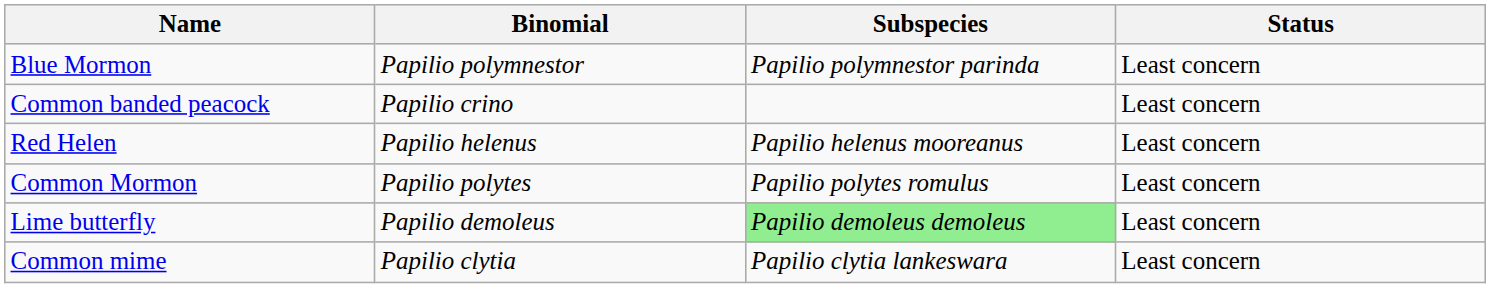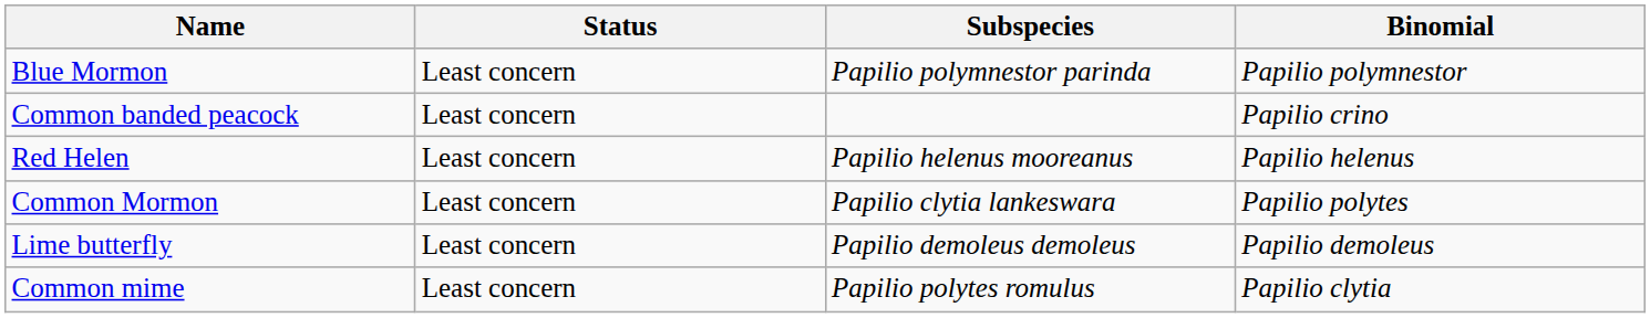 <table width=60% class="wikitable">
 <tr>
 <th width=20%>Name</th>
+<th width=20%>Status</th>
+<th width=20%>Subspecies</th>
 <th width=20%>Binomial</th>
-<th width=20%>Subspecies</th>
-<th width=20%>Status</th>
 </tr>
 <tr>
 <td><a href='#'>Blue Mormon</a><br>  </td>
+<td>Least concern</td>
+<td><em>Papilio polymnestor parinda</em></td>
 <td><em>Papilio polymnestor</em></td>
-<td><em>Papilio polymnestor parinda</em></td>
-<td>Least concern</td>
 </tr>
 <tr>
 <td><a href='#'>Common banded peacock</a><br> </td>
+<td>Least concern</td>
+<td></td>
 <td><em>Papilio crino</em></td>
-<td></td>
-<td>Least concern</td>
 </tr>
 <tr>
 <td><a href='#'>Red Helen</a><br> </td>
+<td>Least concern</td>
+<td><em>Papilio helenus mooreanus</em></td>
 <td><em>Papilio helenus</em></td>
-<td><em>Papilio helenus mooreanus</em></td>
-<td>Least concern</td>
 </tr>
 <tr>
 <td><a href='#'>Common Mormon</a><br>  </td>
+<td>Least concern</td>
+<td><em>Papilio clytia lankeswara</em></td>
 <td><em>Papilio polytes</em></td>
-<td><em>Papilio polytes romulus</em></td>
-<td>Least concern</td>
 </tr>
 <tr>
 <td><a href='#'>Lime butterfly</a><br> </td>
+<td>Least concern</td>
+<td><em>Papilio demoleus demoleus</em></td>
 <td><em>Papilio demoleus</em></td>
-<td style="background: lightgreen;"><em>Papilio demoleus demoleus</em></td>
-<td>Least concern</td>
 </tr>
 <tr>
 <td><a href='#'>Common mime</a><br> </td>
+<td>Least concern</td>
+<td><em>Papilio polytes romulus</em></td>
 <td><em>Papilio clytia</em></td>
-<td><em>Papilio clytia lankeswara</em></td>
-<td>Least concern</td>
 </tr>
 </table>
